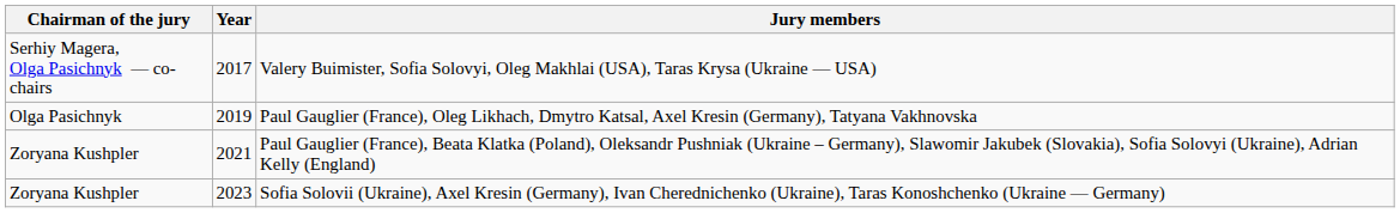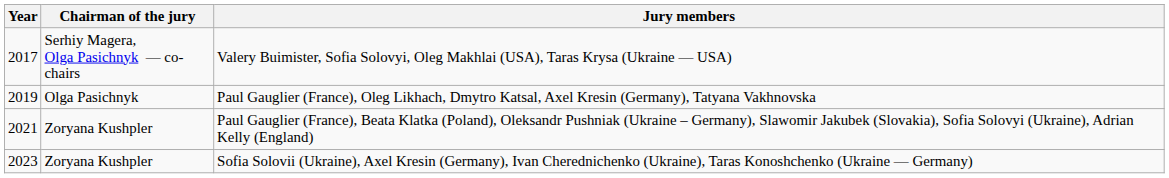 <table class="wikitable">
 <tr>
+<th>Year</th>
 <th>Chairman of the jury</th>
-<th>Year</th>
 <th>Jury members</th>
 </tr>
 <tr>
+<td>2017</td>
 <td>Serhiy Magera,<br><a href='#'>Olga Pasichnyk</a>  — co-chairs</td>
-<td>2017</td>
 <td>Valery Buimister, Sofia Solovyi, Oleg Makhlai (USA), Taras Krysa (Ukraine — USA)</td>
 </tr>
 <tr>
+<td>2019</td>
 <td>Olga Pasichnyk</td>
-<td>2019</td>
 <td>Paul Gauglier (France), Oleg Likhach, Dmytro Katsal, Axel Kresin (Germany), Tatyana Vakhnovska</td>
 </tr>
 <tr>
+<td>2021</td>
 <td>Zoryana Kushpler</td>
-<td>2021</td>
 <td>Paul Gauglier (France), Beata Klatka (Poland), Oleksandr Pushniak (Ukraine – Germany), Slawomir Jakubek (Slovakia), Sofia Solovyi (Ukraine), Adrian Kelly (England)</td>
 </tr>
 <tr>
+<td>2023</td>
 <td>Zoryana Kushpler</td>
-<td>2023</td>
 <td>Sofia Solovii (Ukraine), Axel Kresin (Germany), Ivan Cherednichenko (Ukraine), Taras Konoshchenko (Ukraine — Germany)</td>
 </tr>
 </table>
